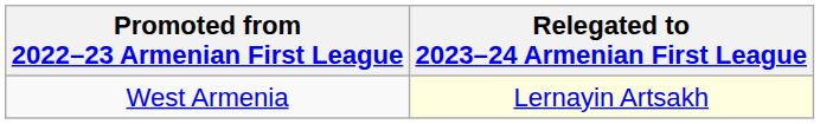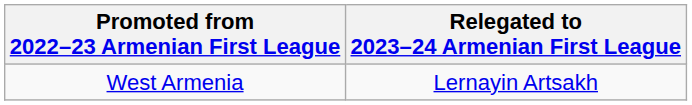 <table class="wikitable">
 <tr>
 <th>Promoted from<br><a href='#'>2022–23 Armenian First League</a></th>
 <th>Relegated to<br><a href='#'>2023–24 Armenian First League</a></th>
 </tr>
 <tr>
 <td align=center><a href='#'>West Armenia</a></td>
-<td align=center style="background: lightyellow;"><a href='#'>Lernayin Artsakh</a></td>
+<td align=center><a href='#'>Lernayin Artsakh</a></td>
 </tr>
 </table>
